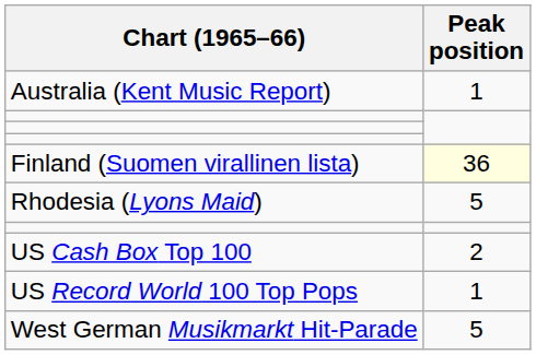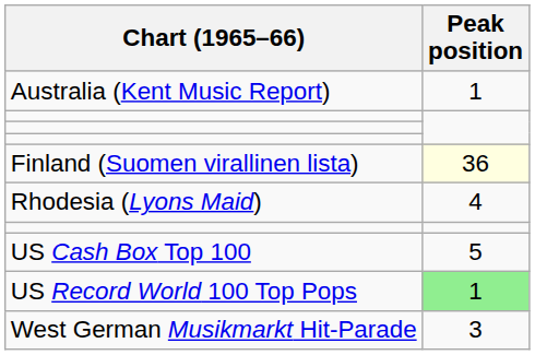 <table class="wikitable sortable">
 <tr>
 <th>Chart (1965–66)</th>
 <th>Peak<br>position</th>
 </tr>
 <tr>
 <td>Australia (<a href='#'>Kent Music Report</a>)</td>
 <td align="center">1</td>
 </tr>
 <tr>
 <td></td>
 </tr>
 <tr>
 <td></td>
 </tr>
 <tr>
 <td></td>
 </tr>
 <tr>
 <td>Finland (<a href='#'>Suomen virallinen lista</a>)</td>
 <td align="center" style="background: lightyellow;">36</td>
 </tr>
 <tr>
 <td>Rhodesia (<em><a href='#'>Lyons Maid</a></em>)</td>
-<td style="text-align:center;">5</td>
+<td style="text-align:center;">4</td>
 </tr>
 <tr>
 <td></td>
 </tr>
 <tr>
 <td>US <a href='#'><em>Cash Box</em> Top 100</a></td>
-<td align="center">2</td>
+<td align="center">5</td>
 </tr>
 <tr>
 <td>US <a href='#'><em>Record World</em> 100 Top Pops</a></td>
-<td align="center">1</td>
+<td align="center" style="background: lightgreen;">1</td>
 </tr>
 <tr>
 <td>West German <a href='#'><em>Musikmarkt</em> Hit-Parade</a></td>
-<td align="center">5</td>
+<td align="center">3</td>
 </tr>
 </table>
